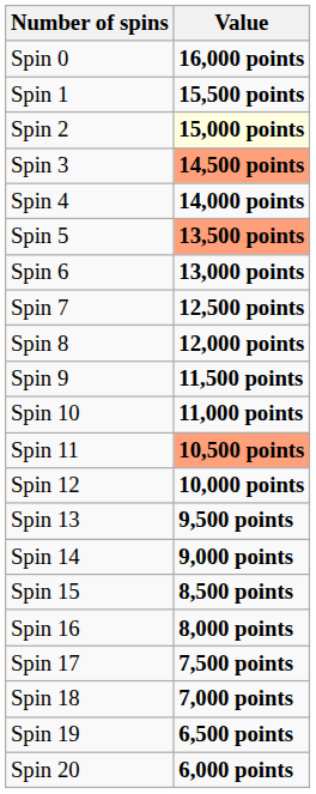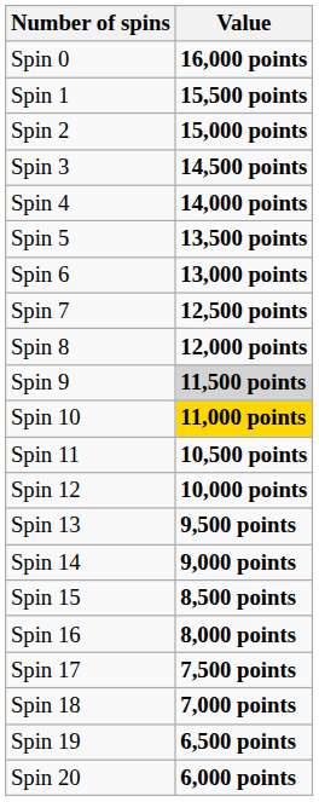 <table class="wikitable">
 <tr>
 <th>Number of spins</th>
 <th>Value</th>
 </tr>
 <tr>
 <td>Spin 0</td>
 <td><strong>16,000 points</strong></td>
 </tr>
 <tr>
 <td>Spin 1</td>
 <td><strong>15,500 points</strong></td>
 </tr>
 <tr>
 <td>Spin 2</td>
-<td style="background: lightyellow;"><strong>15,000 points</strong></td>
+<td><strong>15,000 points</strong></td>
 </tr>
 <tr>
 <td>Spin 3</td>
-<td style="background: lightsalmon;"><strong>14,500 points</strong></td>
+<td><strong>14,500 points</strong></td>
 </tr>
 <tr>
 <td>Spin 4</td>
 <td><strong>14,000 points</strong></td>
 </tr>
 <tr>
 <td>Spin 5</td>
-<td style="background: lightsalmon;"><strong>13,500 points</strong></td>
+<td><strong>13,500 points</strong></td>
 </tr>
 <tr>
 <td>Spin 6</td>
 <td><strong>13,000 points</strong></td>
 </tr>
 <tr>
 <td>Spin 7</td>
 <td><strong>12,500 points</strong></td>
 </tr>
 <tr>
 <td>Spin 8</td>
 <td><strong>12,000 points</strong></td>
 </tr>
 <tr>
 <td>Spin 9</td>
-<td><strong>11,500 points</strong></td>
+<td style="background: lightgrey;"><strong>11,500 points</strong></td>
 </tr>
 <tr>
 <td>Spin 10</td>
-<td><strong>11,000 points</strong></td>
+<td style="background: gold;"><strong>11,000 points</strong></td>
 </tr>
 <tr>
 <td>Spin 11</td>
-<td style="background: lightsalmon;"><strong>10,500 points</strong></td>
+<td><strong>10,500 points</strong></td>
 </tr>
 <tr>
 <td>Spin 12</td>
 <td><strong>10,000 points</strong></td>
 </tr>
 <tr>
 <td>Spin 13</td>
 <td><strong>9,500 points</strong></td>
 </tr>
 <tr>
 <td>Spin 14</td>
 <td><strong>9,000 points</strong></td>
 </tr>
 <tr>
 <td>Spin 15</td>
 <td><strong>8,500 points</strong></td>
 </tr>
 <tr>
 <td>Spin 16</td>
 <td><strong>8,000 points</strong></td>
 </tr>
 <tr>
 <td>Spin 17</td>
 <td><strong>7,500 points</strong></td>
 </tr>
 <tr>
 <td>Spin 18</td>
 <td><strong>7,000 points</strong></td>
 </tr>
 <tr>
 <td>Spin 19</td>
 <td><strong>6,500 points</strong></td>
 </tr>
 <tr>
 <td>Spin 20</td>
 <td><strong>6,000 points</strong></td>
 </tr>
 </table>
